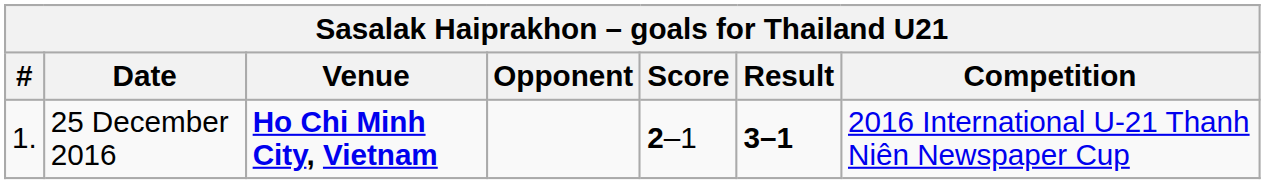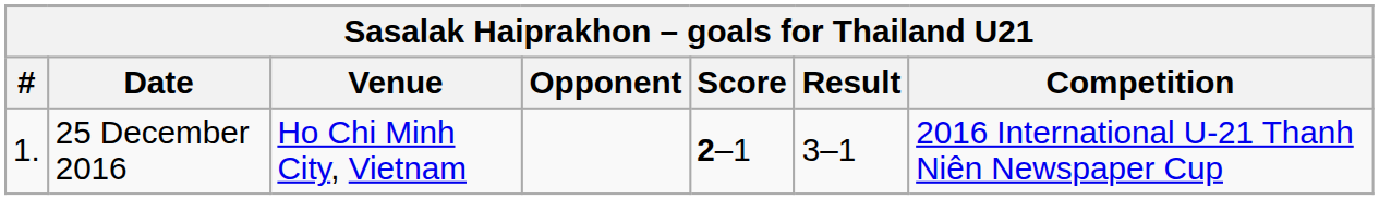 <table class="wikitable" style="font-size:90%;">
 <tr>
 <th colspan="8"><strong>Sasalak Haiprakhon – goals for Thailand U21</strong></th>
 </tr>
 <tr>
 <th>#</th>
 <th>Date</th>
 <th>Venue</th>
 <th>Opponent</th>
 <th>Score</th>
 <th>Result</th>
 <th>Competition</th>
 </tr>
 <tr>
 <td>1.</td>
 <td>25 December 2016</td>
-<td><strong><a href='#'>Ho Chi Minh City</a>, <a href='#'>Vietnam</a></strong></td>
+<td><a href='#'>Ho Chi Minh City</a>, <a href='#'>Vietnam</a></td>
 <td></td>
 <td><strong>2</strong>–1</td>
-<td><strong>3–1</strong></td>
+<td>3–1</td>
 <td><a href='#'>2016 International U-21 Thanh Niên Newspaper Cup</a></td>
 </tr>
 </table>
